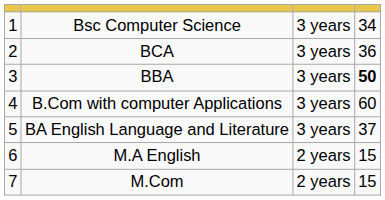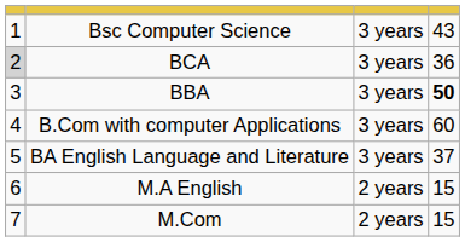 <table class="wikitable sortable sorable" style="text-align:center" style="font-size: 80%;">
 <tr>
 <th style='background: #e8c846;'></th>
 <th style='background: #e8c846;'></th>
 <th style='background: #e8c846;'></th>
 <th style='background: #e8c846;'></th>
 </tr>
 <tr>
 <td>1</td>
 <td>Bsc Computer Science</td>
 <td>3 years</td>
-<td>34</td>
+<td>43</td>
 </tr>
 <tr>
-<td>2</td>
+<td style="background: lightgrey;">2</td>
 <td>BCA</td>
 <td>3 years</td>
 <td>36</td>
 </tr>
 <tr>
 <td>3</td>
 <td>BBA</td>
 <td>3 years</td>
 <td><strong>50</strong></td>
 </tr>
 <tr>
 <td>4</td>
 <td>B.Com with computer Applications</td>
 <td>3 years</td>
 <td>60</td>
 </tr>
 <tr>
 <td>5</td>
 <td>BA English Language and Literature</td>
 <td>3 years</td>
 <td>37</td>
 </tr>
 <tr>
 <td>6</td>
 <td>M.A English</td>
 <td>2 years</td>
 <td>15</td>
 </tr>
 <tr>
 <td>7</td>
 <td>M.Com</td>
 <td>2 years</td>
 <td>15</td>
 </tr>
 </table>
